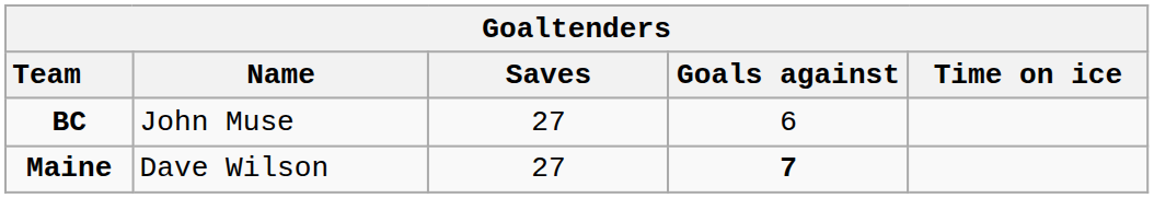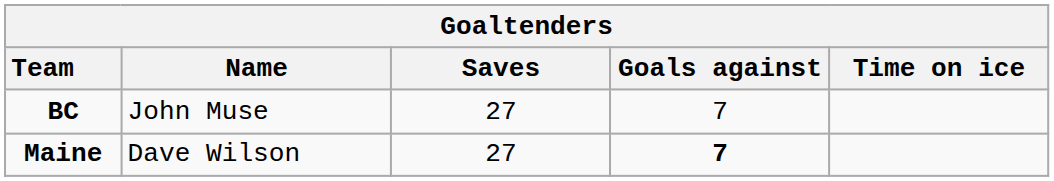 <table class="wikitable" style="width:40em; text-align:right;">
 <tr>
 <th colspan=5>Goaltenders</th>
 </tr>
 <tr>
 <th style="width:4em; text-align:left;">Team</th>
 <th style="width:10em;">Name</th>
 <th style="width:8em;">Saves</th>
 <th style="width:8em;">Goals against</th>
 <th style="width:8em;">Time on ice</th>
 </tr>
 <tr>
 <td align=center><strong>BC</strong></td>
 <td style="text-align:left;">John Muse</td>
 <td align=center>27</td>
-<td align=center>6</td>
+<td align=center>7</td>
 <td align=center></td>
 </tr>
 <tr>
 <td align=center><strong>Maine</strong></td>
 <td style="text-align:left;">Dave Wilson</td>
 <td align=center>27</td>
 <td align=center><strong>7</strong></td>
 <td align=center></td>
 </tr>
 </table>
